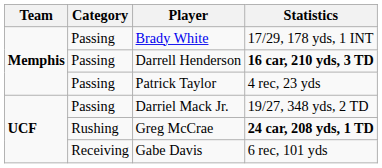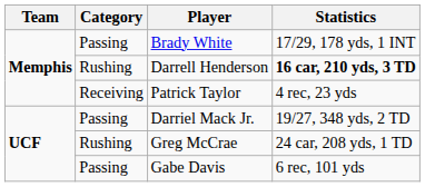 <table class="wikitable">
 <tr>
 <th>Team</th>
 <th>Category</th>
 <th>Player</th>
 <th>Statistics</th>
 </tr>
 <tr>
 <td rowspan=3><strong>Memphis</strong></td>
 <td>Passing</td>
 <td><a href='#'>Brady White</a></td>
 <td>17/29, 178 yds, 1 INT</td>
 </tr>
 <tr>
-<td>Passing</td>
+<td>Rushing</td>
 <td>Darrell Henderson</td>
 <td><strong>16 car, 210 yds, 3 TD</strong></td>
 </tr>
 <tr>
-<td>Passing</td>
+<td>Receiving</td>
 <td>Patrick Taylor</td>
 <td>4 rec, 23 yds</td>
 </tr>
 <tr>
 <td rowspan=3><strong>UCF</strong></td>
 <td>Passing</td>
 <td>Darriel Mack Jr.</td>
 <td>19/27, 348 yds, 2 TD</td>
 </tr>
 <tr>
 <td>Rushing</td>
 <td>Greg McCrae</td>
-<td><strong>24 car, 208 yds, 1 TD</strong></td>
+<td>24 car, 208 yds, 1 TD</td>
 </tr>
 <tr>
-<td>Receiving</td>
+<td>Passing</td>
 <td>Gabe Davis</td>
 <td>6 rec, 101 yds</td>
 </tr>
 </table>
